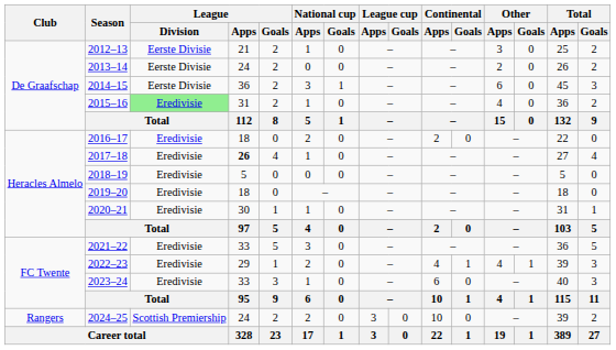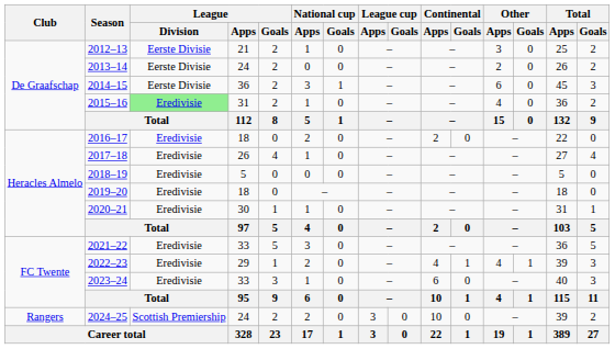 <table class="wikitable" style="text-align:center">
 <tr>
 <th rowspan="2">Club</th>
 <th rowspan="2">Season</th>
 <th colspan="3">League</th>
 <th colspan="2">National cup</th>
 <th colspan="2">League cup</th>
 <th colspan="2">Continental</th>
 <th colspan="2">Other</th>
 <th colspan="2">Total</th>
 </tr>
 <tr>
 <th>Division</th>
 <th>Apps</th>
 <th>Goals</th>
 <th>Apps</th>
 <th>Goals</th>
 <th>Apps</th>
 <th>Goals</th>
 <th>Apps</th>
 <th>Goals</th>
 <th>Apps</th>
 <th>Goals</th>
 <th>Apps</th>
 <th>Goals</th>
 </tr>
 <tr>
 <td rowspan="5"><a href='#'>De Graafschap</a></td>
 <td><a href='#'>2012–13</a></td>
 <td><a href='#'>Eerste Divisie</a></td>
 <td>21</td>
 <td>2</td>
 <td>1</td>
 <td>0</td>
 <td colspan="2">–</td>
 <td colspan="2">–</td>
 <td>3</td>
 <td>0</td>
 <td>25</td>
 <td>2</td>
 </tr>
 <tr>
 <td><a href='#'>2013–14</a></td>
 <td>Eerste Divisie</td>
 <td>24</td>
 <td>2</td>
 <td>0</td>
 <td>0</td>
 <td colspan="2">–</td>
 <td colspan="2">–</td>
 <td>2</td>
 <td>0</td>
 <td>26</td>
 <td>2</td>
 </tr>
 <tr>
 <td><a href='#'>2014–15</a></td>
 <td>Eerste Divisie</td>
 <td>36</td>
 <td>2</td>
 <td>3</td>
 <td>1</td>
 <td colspan="2">–</td>
 <td colspan="2">–</td>
 <td>6</td>
 <td>0</td>
 <td>45</td>
 <td>3</td>
 </tr>
 <tr>
 <td><a href='#'>2015–16</a></td>
 <td style="background: lightgreen;"><a href='#'>Eredivisie</a></td>
 <td>31</td>
 <td>2</td>
 <td>1</td>
 <td>0</td>
 <td colspan="2">–</td>
 <td colspan="2">–</td>
 <td>4</td>
 <td>0</td>
 <td>36</td>
 <td>2</td>
 </tr>
 <tr>
 <th colspan="2">Total</th>
 <th>112</th>
 <th>8</th>
 <th>5</th>
 <th>1</th>
 <th colspan="2">–</th>
 <th colspan="2">–</th>
 <th>15</th>
 <th>0</th>
 <th>132</th>
 <th>9</th>
 </tr>
 <tr>
 <td rowspan="6"><a href='#'>Heracles Almelo</a></td>
 <td><a href='#'>2016–17</a></td>
 <td><a href='#'>Eredivisie</a></td>
 <td>18</td>
 <td>0</td>
 <td>2</td>
 <td>0</td>
 <td colspan="2">–</td>
 <td>2</td>
 <td>0</td>
 <td colspan="2">–</td>
 <td>22</td>
 <td>0</td>
 </tr>
 <tr>
 <td><a href='#'>2017–18</a></td>
 <td>Eredivisie</td>
-<td><strong>26</strong></td>
+<td>26</td>
 <td>4</td>
 <td>1</td>
 <td>0</td>
 <td colspan="2">–</td>
 <td colspan="2">–</td>
 <td colspan="2">–</td>
 <td>27</td>
 <td>4</td>
 </tr>
 <tr>
 <td><a href='#'>2018–19</a></td>
 <td>Eredivisie</td>
 <td>5</td>
 <td>0</td>
 <td>0</td>
 <td>0</td>
 <td colspan="2">–</td>
 <td colspan="2">–</td>
 <td colspan="2">–</td>
 <td>5</td>
 <td>0</td>
 </tr>
 <tr>
 <td><a href='#'>2019–20</a></td>
 <td>Eredivisie</td>
 <td>18</td>
 <td>0</td>
 <td colspan="2">–</td>
 <td colspan="2">–</td>
 <td colspan="2">–</td>
 <td colspan="2">–</td>
 <td>18</td>
 <td>0</td>
 </tr>
 <tr>
 <td><a href='#'>2020–21</a></td>
 <td>Eredivisie</td>
 <td>30</td>
 <td>1</td>
 <td>1</td>
 <td>0</td>
 <td colspan="2">–</td>
 <td colspan="2">–</td>
 <td colspan="2">–</td>
 <td>31</td>
 <td>1</td>
 </tr>
 <tr>
 <th colspan="2">Total</th>
 <th>97</th>
 <th>5</th>
 <th>4</th>
 <th>0</th>
 <th colspan="2">–</th>
 <th>2</th>
 <th>0</th>
 <th colspan="2">–</th>
 <th>103</th>
 <th>5</th>
 </tr>
 <tr>
 <td rowspan="4"><a href='#'>FC Twente</a></td>
 <td><a href='#'>2021–22</a></td>
 <td>Eredivisie</td>
 <td>33</td>
 <td>5</td>
 <td>3</td>
 <td>0</td>
 <td colspan="2">–</td>
 <td colspan="2">–</td>
 <td colspan="2">–</td>
 <td>36</td>
 <td>5</td>
 </tr>
 <tr>
 <td><a href='#'>2022–23</a></td>
 <td>Eredivisie</td>
 <td>29</td>
 <td>1</td>
 <td>2</td>
 <td>0</td>
 <td colspan="2">–</td>
 <td>4</td>
 <td>1</td>
 <td>4</td>
 <td>1</td>
 <td>39</td>
 <td>3</td>
 </tr>
 <tr>
 <td><a href='#'>2023–24</a></td>
 <td>Eredivisie</td>
 <td>33</td>
 <td>3</td>
 <td>1</td>
 <td>0</td>
 <td colspan="2">–</td>
 <td>6</td>
 <td>0</td>
 <td colspan="2">–</td>
 <td>40</td>
 <td>3</td>
 </tr>
 <tr>
 <th colspan="2">Total</th>
 <th>95</th>
 <th>9</th>
 <th>6</th>
 <th>0</th>
 <th colspan="2">–</th>
 <th>10</th>
 <th>1</th>
 <th>4</th>
 <th>1</th>
 <th>115</th>
 <th>11</th>
 </tr>
 <tr>
 <td><a href='#'>Rangers</a></td>
 <td><a href='#'>2024–25</a></td>
 <td><a href='#'>Scottish Premiership</a></td>
 <td>24</td>
 <td>2</td>
 <td>2</td>
 <td>0</td>
 <td>3</td>
 <td>0</td>
 <td>10</td>
 <td>0</td>
 <td colspan="2">–</td>
 <td>39</td>
 <td>2</td>
 </tr>
 <tr>
 <th colspan="3">Career total</th>
 <th>328</th>
 <th>23</th>
 <th>17</th>
 <th>1</th>
 <th>3</th>
 <th>0</th>
 <th>22</th>
 <th>1</th>
 <th>19</th>
 <th>1</th>
 <th>389</th>
 <th>27</th>
 </tr>
 </table>
